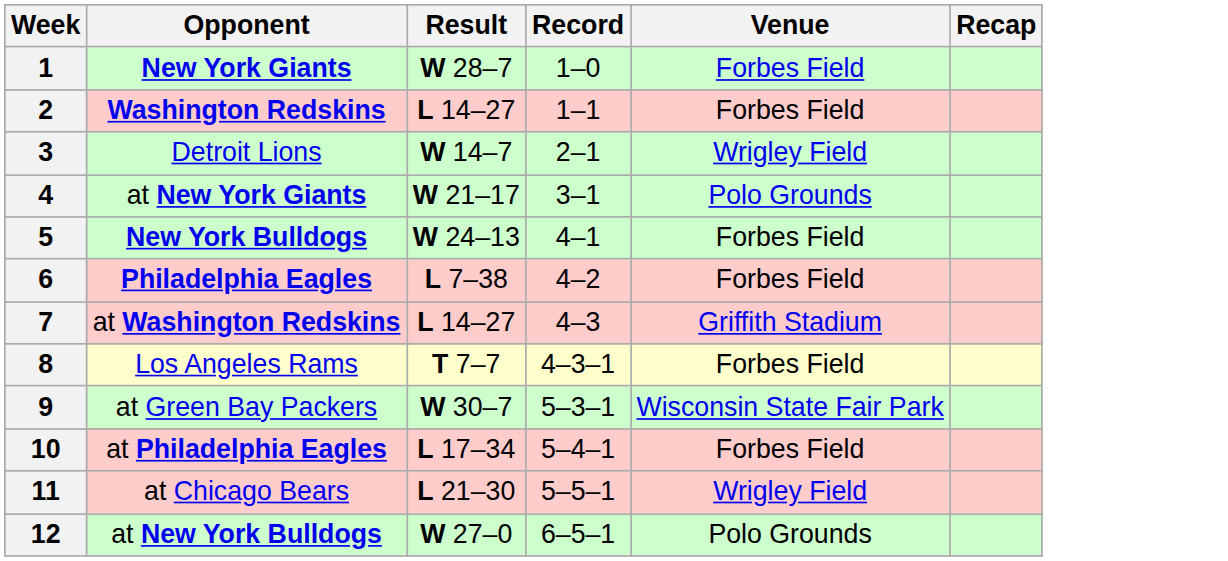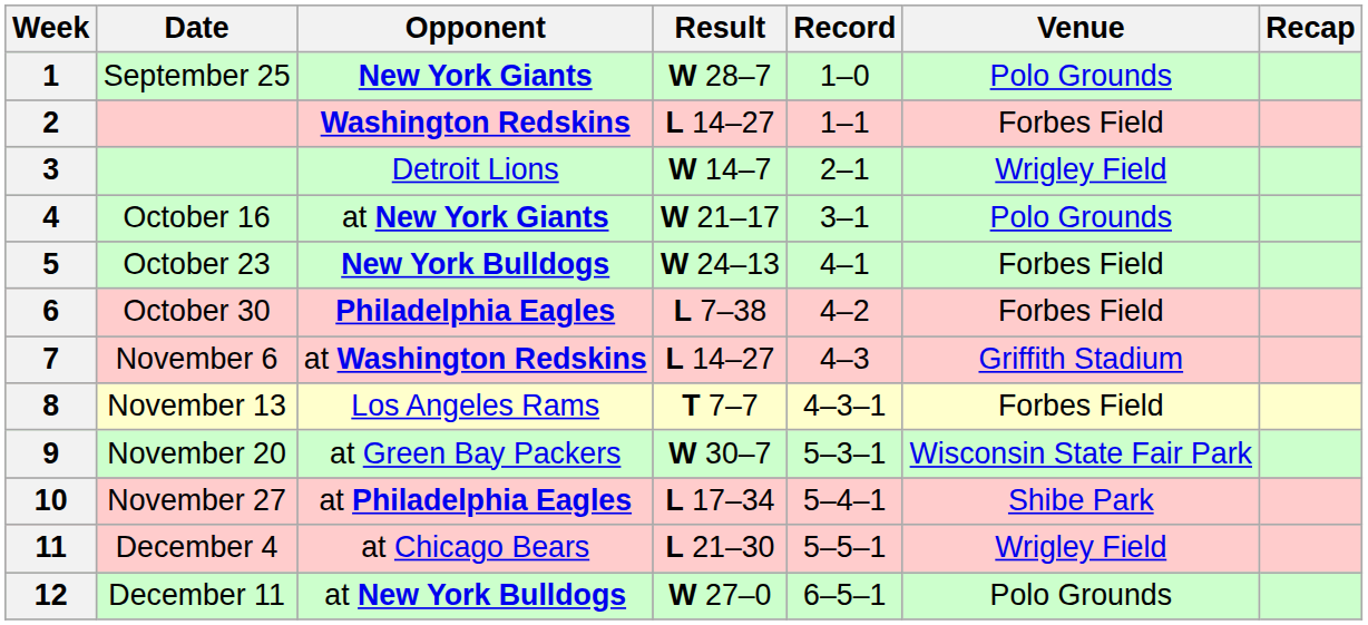 <table class="wikitable" style="text-align:center">
 <tr>
 <th>Week</th>
+<th>Date</th>
 <th>Opponent</th>
 <th>Result</th>
 <th>Record</th>
 <th>Venue</th>
 <th>Recap</th>
 </tr>
 <tr style="background:#cfc">
 <th>1</th>
+<td>September 25</td>
 <td><strong><a href='#'>New York Giants</a></strong></td>
 <td><strong>W</strong> 28–7</td>
 <td>1–0</td>
-<td><a href='#'>Forbes Field</a></td>
+<td><a href='#'>Polo Grounds</a></td>
 <td></td>
 </tr>
 <tr style="background:#fcc">
 <th>2</th>
+<td></td>
 <td><strong><a href='#'>Washington Redskins</a></strong></td>
 <td><strong>L</strong> 14–27</td>
 <td>1–1</td>
 <td>Forbes Field</td>
 <td></td>
 </tr>
 <tr style="background:#cfc">
 <th>3</th>
+<td></td>
 <td><a href='#'>Detroit Lions</a></td>
 <td><strong>W</strong> 14–7</td>
 <td>2–1</td>
 <td><a href='#'>Wrigley Field</a></td>
 <td></td>
 </tr>
 <tr style="background:#cfc">
 <th>4</th>
+<td>October 16</td>
 <td>at <strong><a href='#'>New York Giants</a></strong></td>
 <td><strong>W</strong> 21–17</td>
 <td>3–1</td>
 <td><a href='#'>Polo Grounds</a></td>
 <td></td>
 </tr>
 <tr style="background:#cfc">
 <th>5</th>
+<td>October 23</td>
 <td><strong><a href='#'>New York Bulldogs</a></strong></td>
 <td><strong>W</strong> 24–13</td>
 <td>4–1</td>
 <td>Forbes Field</td>
 <td></td>
 </tr>
 <tr style="background:#fcc">
 <th>6</th>
+<td>October 30</td>
 <td><strong><a href='#'>Philadelphia Eagles</a></strong></td>
 <td><strong>L</strong> 7–38</td>
 <td>4–2</td>
 <td>Forbes Field</td>
 <td></td>
 </tr>
 <tr style="background:#fcc">
 <th>7</th>
+<td>November 6</td>
 <td>at <strong><a href='#'>Washington Redskins</a></strong></td>
 <td><strong>L</strong> 14–27</td>
 <td>4–3</td>
 <td><a href='#'>Griffith Stadium</a></td>
 <td></td>
 </tr>
 <tr style="background:#ffc">
 <th>8</th>
+<td>November 13</td>
 <td><a href='#'>Los Angeles Rams</a></td>
 <td><strong>T</strong> 7–7</td>
 <td>4–3–1</td>
 <td>Forbes Field</td>
 <td></td>
 </tr>
 <tr style="background:#cfc">
 <th>9</th>
+<td>November 20</td>
 <td>at <a href='#'>Green Bay Packers</a></td>
 <td><strong>W</strong> 30–7</td>
 <td>5–3–1</td>
 <td><a href='#'>Wisconsin State Fair Park</a></td>
 <td></td>
 </tr>
 <tr style="background:#fcc">
 <th>10</th>
+<td>November 27</td>
 <td>at <strong><a href='#'>Philadelphia Eagles</a></strong></td>
 <td><strong>L</strong> 17–34</td>
 <td>5–4–1</td>
-<td>Forbes Field</td>
+<td><a href='#'>Shibe Park</a></td>
 <td></td>
 </tr>
 <tr style="background:#fcc">
 <th>11</th>
+<td>December 4</td>
 <td>at <a href='#'>Chicago Bears</a></td>
 <td><strong>L</strong> 21–30</td>
 <td>5–5–1</td>
 <td><a href='#'>Wrigley Field</a></td>
 <td></td>
 </tr>
 <tr style="background:#cfc">
 <th>12</th>
+<td>December 11</td>
 <td>at <strong><a href='#'>New York Bulldogs</a></strong></td>
 <td><strong>W</strong> 27–0</td>
 <td>6–5–1</td>
 <td>Polo Grounds</td>
 <td></td>
 </tr>
 </table>
